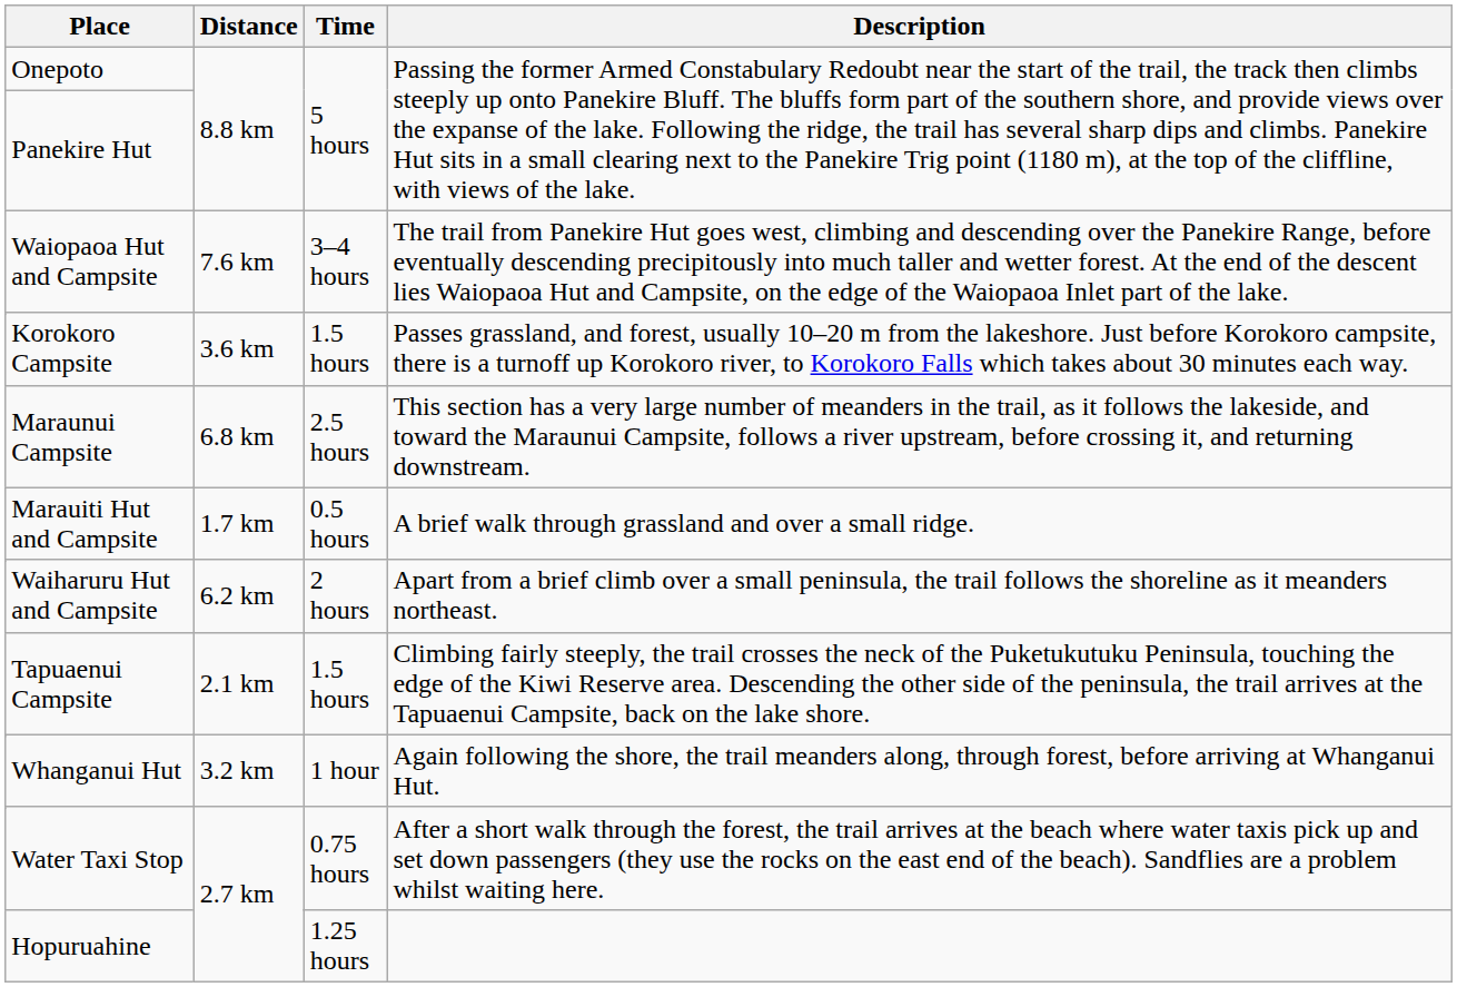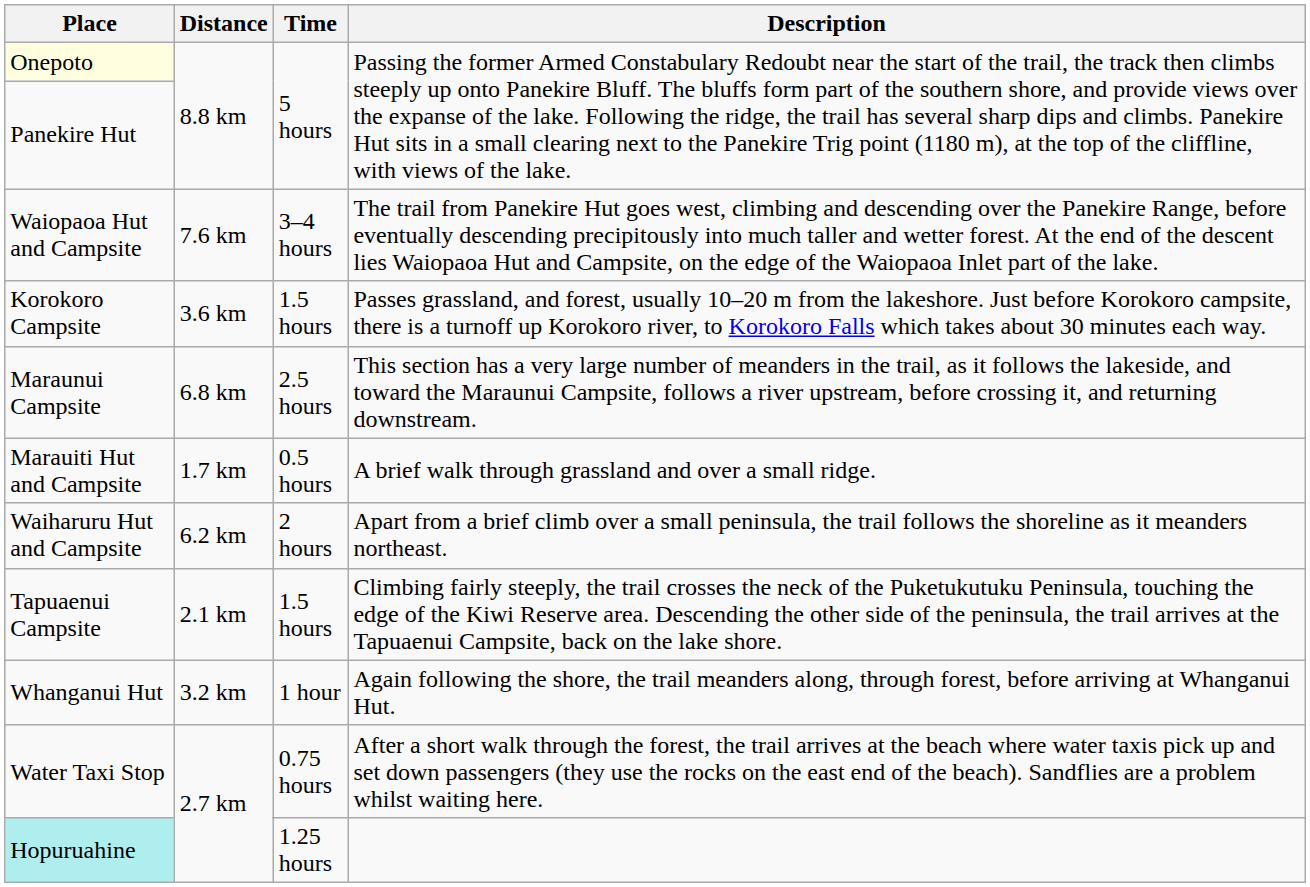 <table class="wikitable">
 <tr>
 <th>Place</th>
 <th>Distance</th>
 <th>Time</th>
 <th>Description</th>
 </tr>
 <tr>
-<td rowspan="1">Onepoto</td>
+<td rowspan="1" style="background: lightyellow;">Onepoto</td>
 <td rowspan="2">8.8 km</td>
 <td rowspan="2">5 hours</td>
 <td rowspan="2">Passing the former Armed Constabulary Redoubt near the start of the trail, the track then climbs steeply up onto Panekire Bluff. The bluffs form part of the southern shore, and provide views over the expanse of the lake. Following the ridge, the trail has several sharp dips and climbs. Panekire Hut sits in a small clearing next to the Panekire Trig point (1180 m), at the top of the cliffline, with views of the lake.</td>
 </tr>
 <tr>
 <td rowspan="2">Panekire Hut</td>
 </tr>
 <tr>
 <td rowspan="2">7.6 km</td>
 <td rowspan="2">3–4 hours</td>
 <td rowspan="2">The trail from Panekire Hut goes west, climbing and descending over the Panekire Range, before eventually descending precipitously into much taller and wetter forest. At the end of the descent lies Waiopaoa Hut and Campsite, on the edge of the Waiopaoa Inlet part of the lake.</td>
 </tr>
 <tr>
 <td rowspan="2">Waiopaoa Hut and Campsite</td>
 </tr>
 <tr>
 <td rowspan="2">3.6 km</td>
 <td rowspan="2">1.5 hours</td>
 <td rowspan="2">Passes grassland, and forest, usually 10–20 m from the lakeshore. Just before Korokoro campsite, there is a turnoff up Korokoro river, to <a href='#'>Korokoro Falls</a> which takes about 30 minutes each way.</td>
 </tr>
 <tr>
 <td rowspan="2">Korokoro Campsite</td>
 </tr>
 <tr>
 <td rowspan="2">6.8 km</td>
 <td rowspan="2">2.5 hours</td>
 <td rowspan="2">This section has a very large number of meanders in the trail, as it follows the lakeside, and toward the Maraunui Campsite, follows a river upstream, before crossing it, and returning downstream.</td>
 </tr>
 <tr>
 <td rowspan="2">Maraunui Campsite</td>
 </tr>
 <tr>
 <td rowspan="2">1.7 km</td>
 <td rowspan="2">0.5 hours</td>
 <td rowspan="2">A brief walk through grassland and over a small ridge.</td>
 </tr>
 <tr>
 <td rowspan="2">Marauiti Hut and Campsite</td>
 </tr>
 <tr>
 <td rowspan="2">6.2 km</td>
 <td rowspan="2">2 hours</td>
 <td rowspan="2">Apart from a brief climb over a small peninsula, the trail follows the shoreline as it meanders northeast.</td>
 </tr>
 <tr>
 <td rowspan="2">Waiharuru Hut and Campsite</td>
 </tr>
 <tr>
 <td rowspan="2">2.1 km</td>
 <td rowspan="2">1.5 hours</td>
 <td rowspan="2">Climbing fairly steeply, the trail crosses the neck of the Puketukutuku Peninsula, touching the edge of the Kiwi Reserve area. Descending the other side of the peninsula, the trail arrives at the Tapuaenui Campsite, back on the lake shore.</td>
 </tr>
 <tr>
 <td rowspan="2">Tapuaenui Campsite</td>
 </tr>
 <tr>
 <td rowspan="2">3.2 km</td>
 <td rowspan="2">1 hour</td>
 <td rowspan="2">Again following the shore, the trail meanders along, through forest, before arriving at Whanganui Hut.</td>
 </tr>
 <tr>
 <td rowspan="2">Whanganui Hut</td>
 </tr>
 <tr>
 <td rowspan="4">2.7 km</td>
 <td rowspan="2">0.75 hours</td>
 <td rowspan="2">After a short walk through the forest, the trail arrives at the beach where water taxis pick up and set down passengers (they use the rocks on the east end of the beach). Sandflies are a problem whilst waiting here.</td>
 </tr>
 <tr>
 <td rowspan="2">Water Taxi Stop</td>
 </tr>
 <tr>
 <td rowspan="2">1.25 hours</td>
 <td rowspan="2"></td>
 </tr>
 <tr>
-<td rowspan="1">Hopuruahine</td>
+<td rowspan="1" style="background: paleturquoise;">Hopuruahine</td>
 </tr>
 </table>
